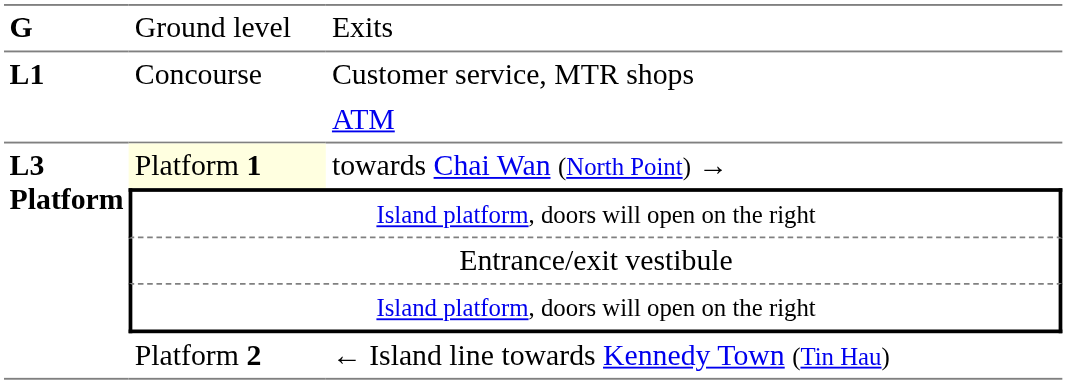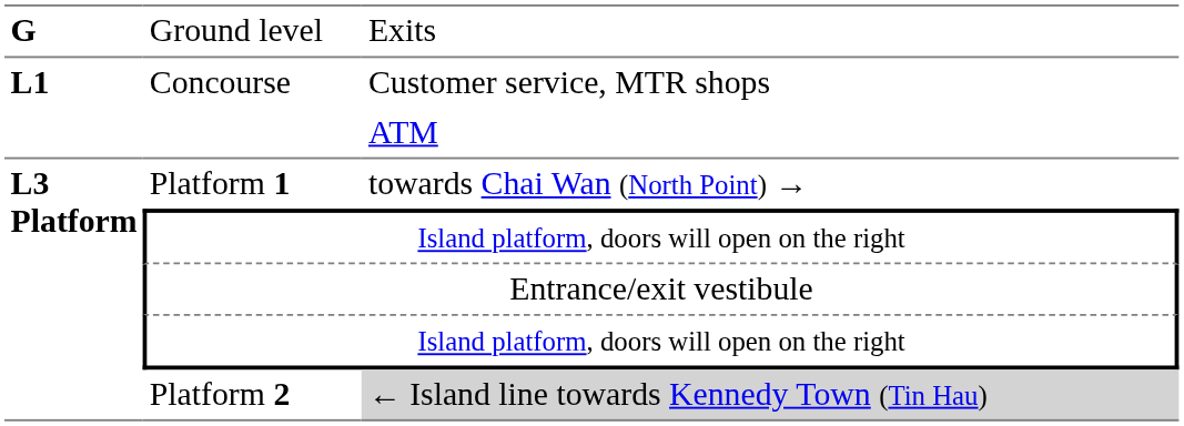 <table border=0 cellspacing=0 cellpadding=3>
 <tr>
 <td style="border-bottom:solid 1px gray;border-top:solid 1px gray;width:50px;vertical-align:top;"><strong>G</strong></td>
 <td style="border-top:solid 1px gray;border-bottom:solid 1px gray;width:100px;vertical-align:top;">Ground level</td>
 <td style="border-top:solid 1px gray;border-bottom:solid 1px gray;width:390px;vertical-align:top;">Exits</td>
 </tr>
 <tr>
 <td style="border-bottom:solid 1px gray;vertical-align:top;" rowspan=2><strong>L1</strong></td>
 <td style="border-bottom:solid 1px gray;vertical-align:top;" rowspan=2>Concourse</td>
 <td>Customer service, MTR shops</td>
 </tr>
 <tr>
 <td style="border-bottom:solid 1px gray;"><a href='#'>ATM</a></td>
 </tr>
 <tr>
 <td style="border-bottom:solid 1px gray;vertical-align:top;" rowspan=5><strong>L3<br>Platform</strong></td>
-<td style="background: lightyellow;">Platform <span><strong>1</strong></span></td>
+<td>Platform <span><strong>1</strong></span></td>
 <td>  towards <a href='#'>Chai Wan</a> <small>(<a href='#'>North Point</a>)</small> →</td>
 </tr>
 <tr>
 <td style="border-top:solid 2px black;border-right:solid 2px black;border-left:solid 2px black;border-bottom:dashed 1px gray;text-align:center;" colspan=2><small><a href='#'>Island platform</a>, doors will open on the right</small></td>
 </tr>
 <tr>
 <td style="border-right:solid 2px black;border-left:solid 2px black;text-align:center;" colspan=2>Entrance/exit vestibule</td>
 </tr>
 <tr>
 <td style="border-top:dashed 1px gray;border-right:solid 2px black;border-left:solid 2px black;border-bottom:solid 2px black;text-align:center;" colspan=2><small><a href='#'>Island platform</a>, doors will open on the right</small></td>
 </tr>
 <tr>
 <td style="border-bottom:solid 1px gray;">Platform <span><strong>2</strong></span></td>
-<td style="border-bottom:solid 1px gray;">←  Island line towards <a href='#'>Kennedy Town</a> <small>(<a href='#'>Tin Hau</a>)</small></td>
+<td style="background: lightgrey; border-bottom:solid 1px gray;">←  Island line towards <a href='#'>Kennedy Town</a> <small>(<a href='#'>Tin Hau</a>)</small></td>
 </tr>
 </table>
